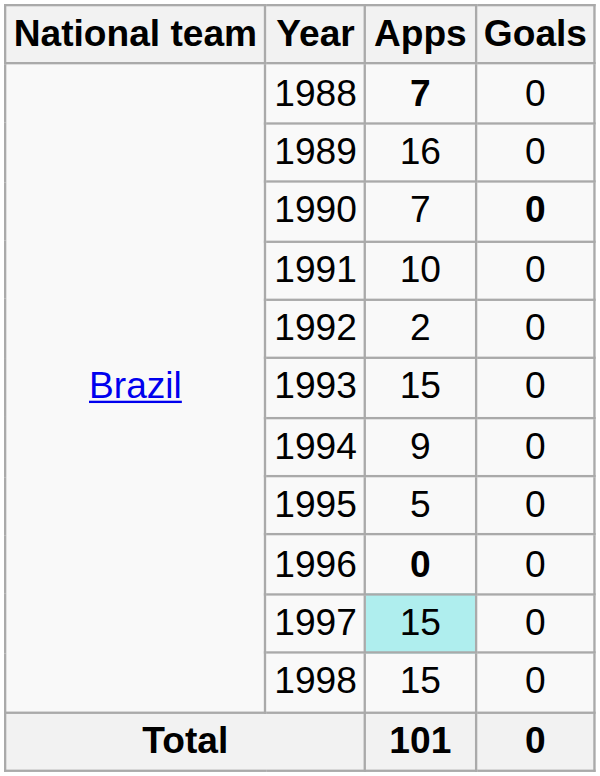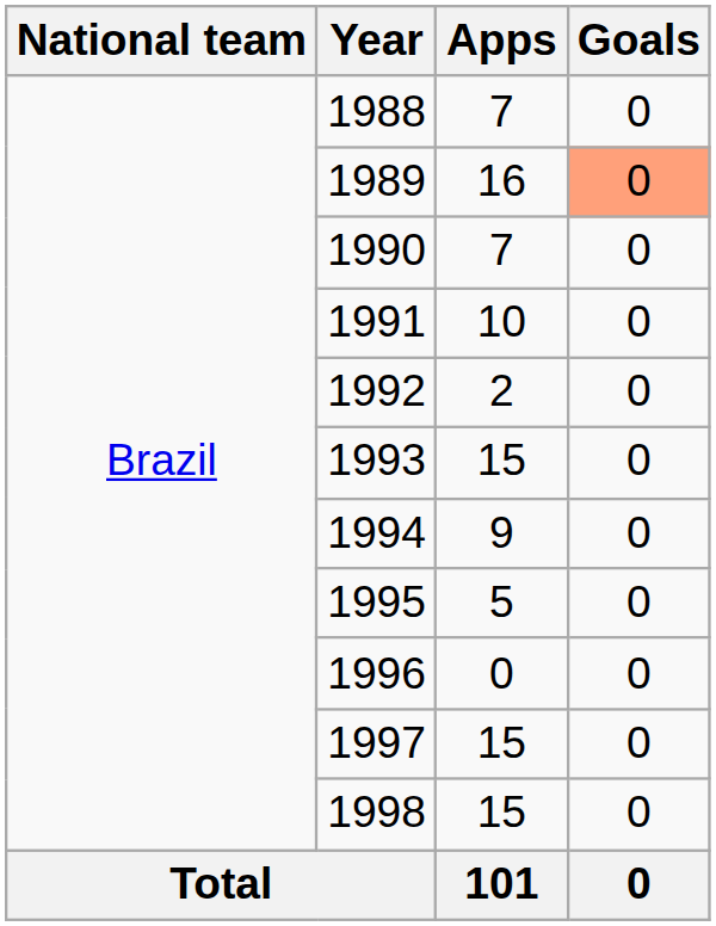 <table class="wikitable" style="text-align:center">
 <tr>
 <th>National team</th>
 <th>Year</th>
 <th>Apps</th>
 <th>Goals</th>
 </tr>
 <tr>
 <td rowspan="11"><a href='#'>Brazil</a></td>
 <td>1988</td>
-<td><strong>7</strong></td>
+<td>7</td>
 <td>0</td>
 </tr>
 <tr>
 <td>1989</td>
 <td>16</td>
-<td>0</td>
+<td style="background: lightsalmon;">0</td>
 </tr>
 <tr>
 <td>1990</td>
 <td>7</td>
-<td><strong>0</strong></td>
+<td>0</td>
 </tr>
 <tr>
 <td>1991</td>
 <td>10</td>
 <td>0</td>
 </tr>
 <tr>
 <td>1992</td>
 <td>2</td>
 <td>0</td>
 </tr>
 <tr>
 <td>1993</td>
 <td>15</td>
 <td>0</td>
 </tr>
 <tr>
 <td>1994</td>
 <td>9</td>
 <td>0</td>
 </tr>
 <tr>
 <td>1995</td>
 <td>5</td>
 <td>0</td>
 </tr>
 <tr>
 <td>1996</td>
-<td><strong>0</strong></td>
+<td>0</td>
 <td>0</td>
 </tr>
 <tr>
 <td>1997</td>
-<td style="background: paleturquoise;">15</td>
+<td>15</td>
 <td>0</td>
 </tr>
 <tr>
 <td>1998</td>
 <td>15</td>
 <td>0</td>
 </tr>
 <tr>
 <th colspan="2">Total</th>
 <th>101</th>
 <th>0</th>
 </tr>
 </table>
